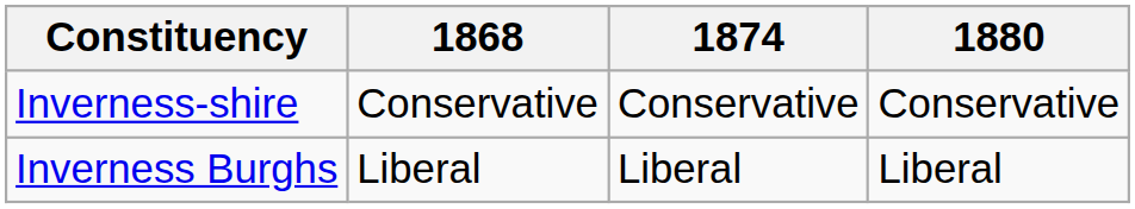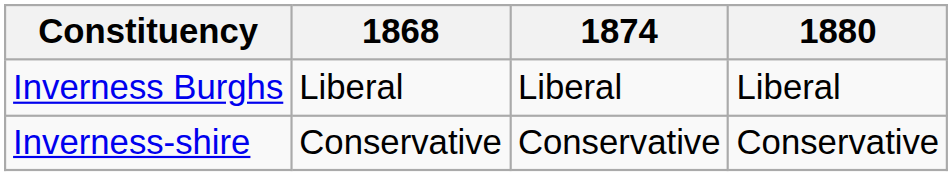 <table class="wikitable">
 <tr>
 <th>Constituency</th>
 <th>1868</th>
 <th>1874</th>
 <th>1880</th>
 </tr>
 <tr>
+<td><a href='#'>Inverness Burghs</a></td>
+<td>Liberal</td>
+<td>Liberal</td>
+<td>Liberal</td>
+</tr>
+<tr>
 <td><a href='#'>Inverness-shire</a></td>
 <td>Conservative</td>
 <td>Conservative</td>
 <td>Conservative</td>
 </tr>
-<tr>
-<td><a href='#'>Inverness Burghs</a></td>
-<td>Liberal</td>
-<td>Liberal</td>
-<td>Liberal</td>
-</tr>
 </table>
